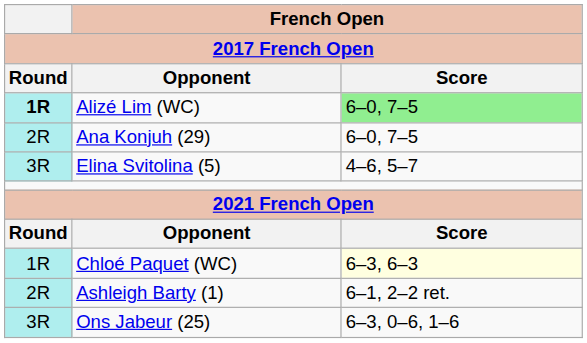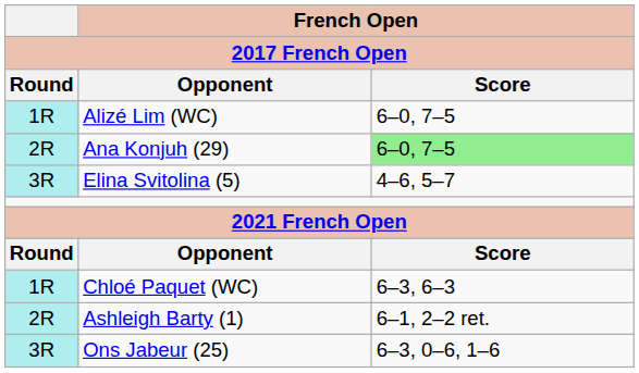 <table class="wikitable">
 <tr>
 <th></th>
 <th colspan=2 style="background:#ebc2af;">French Open</th>
 </tr>
 <tr>
 <th colspan=3 style="background:#ebc2af;"><a href='#'>2017 French Open</a></th>
 </tr>
 <tr>
 <th>Round</th>
 <th width=225>Opponent</th>
 <th width=200>Score</th>
 </tr>
 <tr>
-<td style="text-align:center; background:#afeeee;"><strong>1R</strong></td>
+<td style="text-align:center; background:#afeeee;">1R</td>
 <td> <a href='#'>Alizé Lim</a> (WC)</td>
-<td style="background: lightgreen;">6–0, 7–5</td>
+<td>6–0, 7–5</td>
 </tr>
 <tr>
 <td style="text-align:center; background:#afeeee;">2R</td>
 <td> <a href='#'>Ana Konjuh</a> (29)</td>
-<td>6–0, 7–5</td>
+<td style="background: lightgreen;">6–0, 7–5</td>
 </tr>
 <tr>
 <td style="text-align:center; background:#afeeee;">3R</td>
 <td> <a href='#'>Elina Svitolina</a> (5)</td>
 <td>4–6, 5–7</td>
 </tr>
 <tr>
 <td colspan=3></td>
 </tr>
 <tr>
 <th colspan=3 style="background:#ebc2af;"><a href='#'>2021 French Open</a></th>
 </tr>
 <tr>
 <th>Round</th>
 <th width=225>Opponent</th>
 <th width=200>Score</th>
 </tr>
 <tr>
 <td style="text-align:center; background:#afeeee;">1R</td>
 <td> <a href='#'>Chloé Paquet</a> (WC)</td>
-<td style="background: lightyellow;">6–3, 6–3</td>
+<td>6–3, 6–3</td>
 </tr>
 <tr>
 <td style="text-align:center; background:#afeeee;">2R</td>
 <td> <a href='#'>Ashleigh Barty</a> (1)</td>
 <td>6–1, 2–2 ret.</td>
 </tr>
 <tr>
 <td style="text-align:center; background:#afeeee;">3R</td>
 <td> <a href='#'>Ons Jabeur</a> (25)</td>
 <td>6–3, 0–6, 1–6</td>
 </tr>
 </table>
